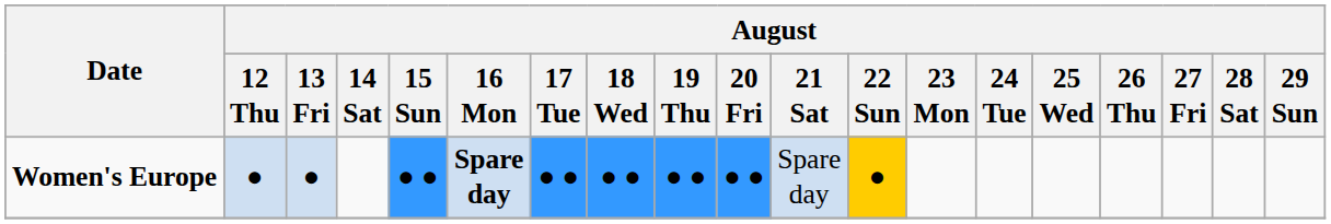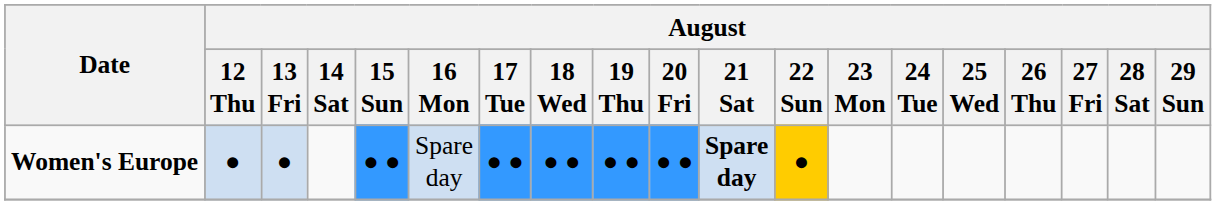 <table class="wikitable" style="margin:0.5em auto; font-size:90%; line-height:1.25em;">
 <tr>
 <th rowspan=2>Date</th>
 <th colspan=18>August</th>
 </tr>
 <tr>
 <th>12<br>Thu</th>
 <th>13<br>Fri</th>
 <th>14<br>Sat</th>
 <th>15<br>Sun</th>
 <th>16<br>Mon</th>
 <th>17<br>Tue</th>
 <th>18<br>Wed</th>
 <th>19<br>Thu</th>
 <th>20<br>Fri</th>
 <th>21<br>Sat</th>
 <th>22<br>Sun</th>
 <th>23<br>Mon</th>
 <th>24<br>Tue</th>
 <th>25<br>Wed</th>
 <th>26<br>Thu</th>
 <th>27<br>Fri</th>
 <th>28<br>Sat</th>
 <th>29<br>Sun</th>
 </tr>
 <tr align="center">
 <td align="center"><strong>Women's Europe</strong></td>
 <td bgcolor=#cedff2><span> ● </span></td>
 <td bgcolor=#cedff2><span> ● </span></td>
 <td></td>
 <td bgcolor=#3399ff><span> ● ● </span></td>
-<td bgcolor=#cedff2><strong>Spare<br>day</strong></td>
+<td bgcolor=#cedff2>Spare<br>day</td>
 <td bgcolor=#3399ff><span> ● ● </span></td>
 <td bgcolor=#3399ff><span> ● ● </span></td>
 <td bgcolor=#3399ff><span> ● ● </span></td>
 <td bgcolor=#3399ff><span> ● ● </span></td>
-<td bgcolor=#cedff2>Spare<br>day</td>
+<td bgcolor=#cedff2><strong>Spare<br>day</strong></td>
 <td bgcolor=#ffcc00><span> ● </span></td>
 <td></td>
 <td></td>
 <td></td>
 <td></td>
 <td></td>
 <td></td>
 <td></td>
 </tr>
 <tr align="center">
 </tr>
 </table>
